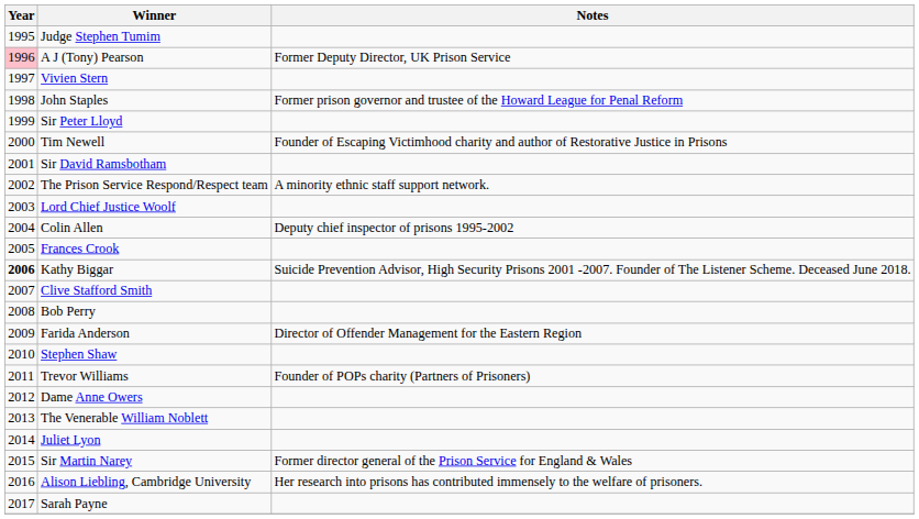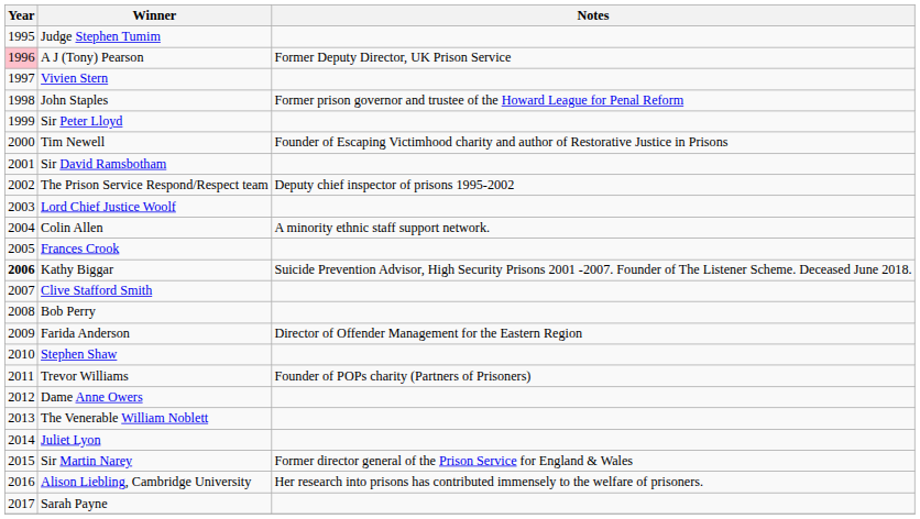 <table class="wikitable">
 <tr>
 <th>Year</th>
 <th>Winner</th>
 <th>Notes</th>
 </tr>
 <tr>
 <td>1995</td>
 <td>Judge <a href='#'>Stephen Tumim</a></td>
 <td></td>
 </tr>
 <tr>
 <td style="background: pink;">1996</td>
 <td>A J (Tony) Pearson</td>
 <td>Former Deputy Director, UK Prison Service</td>
 </tr>
 <tr>
 <td>1997</td>
 <td><a href='#'>Vivien Stern</a></td>
 <td></td>
 </tr>
 <tr>
 <td>1998</td>
 <td>John Staples</td>
 <td>Former prison governor and trustee of the <a href='#'>Howard League for Penal Reform</a></td>
 </tr>
 <tr>
 <td>1999</td>
 <td>Sir <a href='#'>Peter Lloyd</a></td>
 <td></td>
 </tr>
 <tr>
 <td>2000</td>
 <td>Tim Newell</td>
 <td>Founder of Escaping Victimhood charity and author of Restorative Justice in Prisons</td>
 </tr>
 <tr>
 <td>2001</td>
 <td>Sir <a href='#'>David Ramsbotham</a></td>
 <td></td>
 </tr>
 <tr>
 <td>2002</td>
 <td>The Prison Service Respond/Respect team</td>
-<td>A minority ethnic staff support network.</td>
+<td>Deputy chief inspector of prisons 1995-2002</td>
 </tr>
 <tr>
 <td>2003</td>
 <td><a href='#'>Lord Chief Justice Woolf</a></td>
 <td></td>
 </tr>
 <tr>
 <td>2004</td>
 <td>Colin Allen</td>
-<td>Deputy chief inspector of prisons 1995-2002</td>
+<td>A minority ethnic staff support network.</td>
 </tr>
 <tr>
 <td>2005</td>
 <td><a href='#'>Frances Crook</a></td>
 <td></td>
 </tr>
 <tr>
 <td><strong>2006</strong></td>
 <td>Kathy Biggar</td>
 <td>Suicide Prevention Advisor, High Security Prisons 2001 -2007. Founder of The Listener Scheme. Deceased June 2018.</td>
 </tr>
 <tr>
 <td>2007</td>
 <td><a href='#'>Clive Stafford Smith</a></td>
 <td></td>
 </tr>
 <tr>
 <td>2008</td>
 <td>Bob Perry</td>
 <td></td>
 </tr>
 <tr>
 <td>2009</td>
 <td>Farida Anderson</td>
 <td>Director of Offender Management for the Eastern Region</td>
 </tr>
 <tr>
 <td>2010</td>
 <td><a href='#'>Stephen Shaw</a></td>
 <td></td>
 </tr>
 <tr>
 <td>2011</td>
 <td>Trevor Williams</td>
 <td>Founder of POPs charity (Partners of Prisoners)</td>
 </tr>
 <tr>
 <td>2012</td>
 <td>Dame <a href='#'>Anne Owers</a></td>
 <td></td>
 </tr>
 <tr>
 <td>2013</td>
 <td>The Venerable <a href='#'>William Noblett</a></td>
 <td></td>
 </tr>
 <tr>
 <td>2014</td>
 <td><a href='#'>Juliet Lyon</a></td>
 <td></td>
 </tr>
 <tr>
 <td>2015</td>
 <td>Sir <a href='#'>Martin Narey</a></td>
 <td>Former director general of the <a href='#'>Prison Service</a> for England & Wales</td>
 </tr>
 <tr>
 <td>2016</td>
 <td><a href='#'>Alison Liebling</a>, Cambridge University</td>
 <td>Her research into prisons has contributed immensely to the welfare of prisoners.</td>
 </tr>
 <tr>
 <td>2017</td>
 <td>Sarah Payne</td>
 <td></td>
 </tr>
 <tr 2018    Nigel Newcommen>
 </tr>
 </table>
